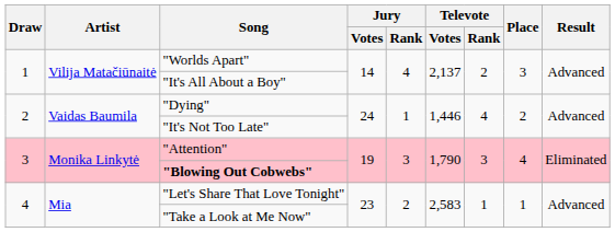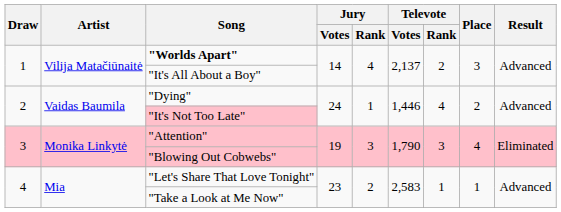 <table class="sortable wikitable" style="margin: 1em auto 1em auto; text-align:center;">
 <tr>
 <th rowspan="2">Draw</th>
 <th rowspan="2">Artist</th>
 <th rowspan="2">Song</th>
 <th colspan="2">Jury</th>
 <th colspan="2">Televote</th>
 <th rowspan="2">Place</th>
 <th rowspan="2">Result</th>
 </tr>
 <tr>
 <th>Votes</th>
 <th>Rank</th>
 <th>Votes</th>
 <th>Rank</th>
 </tr>
 <tr>
 <td rowspan="2">1</td>
 <td rowspan="2" align="left"><a href='#'>Vilija Matačiūnaitė</a></td>
-<td align="left">"Worlds Apart"</td>
+<td align="left"><strong>"Worlds Apart"</strong></td>
 <td rowspan="2">14</td>
 <td rowspan="2">4</td>
 <td rowspan="2">2,137</td>
 <td rowspan="2">2</td>
 <td rowspan="2">3</td>
 <td rowspan="2">Advanced</td>
 </tr>
 <tr>
 <td align="left">"It's All About a Boy"</td>
 </tr>
 <tr>
 <td rowspan="2">2</td>
 <td rowspan="2" align="left"><a href='#'>Vaidas Baumila</a></td>
 <td align="left">"Dying"</td>
 <td rowspan="2">24</td>
 <td rowspan="2">1</td>
 <td rowspan="2">1,446</td>
 <td rowspan="2">4</td>
 <td rowspan="2">2</td>
 <td rowspan="2">Advanced</td>
 </tr>
 <tr>
-<td align="left">"It's Not Too Late"</td>
+<td align="left" style="background: pink;">"It's Not Too Late"</td>
 </tr>
 <tr style="background:pink;">
 <td rowspan="2">3</td>
 <td rowspan="2" align="left"><a href='#'>Monika Linkytė</a></td>
 <td align="left">"Attention"</td>
 <td rowspan="2">19</td>
 <td rowspan="2">3</td>
 <td rowspan="2">1,790</td>
 <td rowspan="2">3</td>
 <td rowspan="2">4</td>
 <td rowspan="2">Eliminated</td>
 </tr>
 <tr style="background:pink;">
-<td align="left"><strong>"Blowing Out Cobwebs"</strong></td>
+<td align="left">"Blowing Out Cobwebs"</td>
 </tr>
 <tr>
 <td rowspan="2">4</td>
 <td rowspan="2" align="left"><a href='#'>Mia</a></td>
 <td align="left">"Let's Share That Love Tonight"</td>
 <td rowspan="2">23</td>
 <td rowspan="2">2</td>
 <td rowspan="2">2,583</td>
 <td rowspan="2">1</td>
 <td rowspan="2">1</td>
 <td rowspan="2">Advanced</td>
 </tr>
 <tr>
 <td align="left">"Take a Look at Me Now"</td>
 </tr>
 </table>
